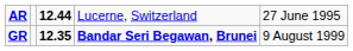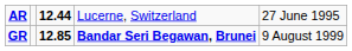 <table class="wikitable" style="font-size:95%; position:relative;">
 <tr>
 <td align=center><strong><a href='#'>AR</a></strong></td>
 <td></td>
 <td><strong>12.44</strong></td>
 <td><a href='#'>Lucerne</a>, <a href='#'>Switzerland</a></td>
 <td>27 June 1995</td>
 </tr>
 <tr>
 <td align=center><strong><a href='#'>GR</a></strong></td>
 <td></td>
-<td><strong>12.35</strong></td>
+<td><strong>12.85</strong></td>
 <td><strong><a href='#'>Bandar Seri Begawan</a>, <a href='#'>Brunei</a></strong></td>
 <td>9 August 1999</td>
 </tr>
 </table>
